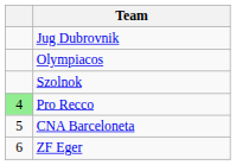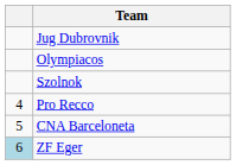 <table class="wikitable" style="text-align:center">
 <tr>
 <th width=25></th>
 <th width=220>Team</th>
 </tr>
 <tr>
 <td></td>
 <td align=left> <a href='#'>Jug Dubrovnik</a></td>
 </tr>
 <tr>
 <td></td>
 <td align=left> <a href='#'>Olympiacos</a></td>
 </tr>
 <tr>
 <td></td>
 <td align=left> <a href='#'>Szolnok</a></td>
 </tr>
 <tr>
-<td style="background: lightgreen;">4</td>
+<td>4</td>
 <td align=left> <a href='#'>Pro Recco</a></td>
 </tr>
 <tr>
 <td>5</td>
 <td align=left> <a href='#'>CNA Barceloneta</a></td>
 </tr>
 <tr>
-<td>6</td>
+<td style="background: lightblue;">6</td>
 <td align=left> <a href='#'>ZF Eger</a></td>
 </tr>
 </table>
